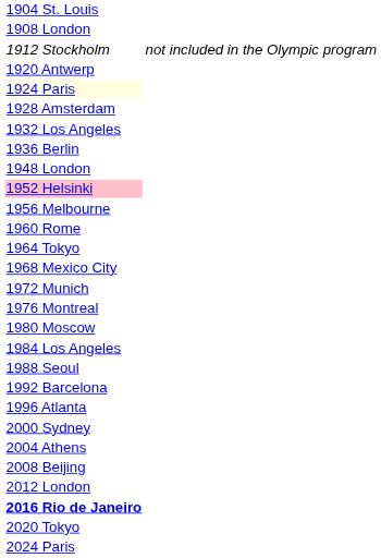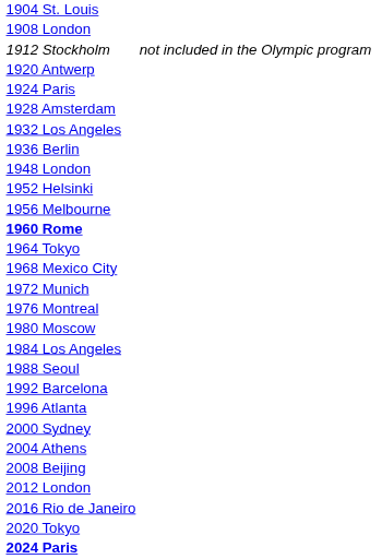 <table>
 <tr valign="top">
 <td><a href='#'>1904 St. Louis</a><br></td>
 <td></td>
 <td></td>
 <td></td>
 </tr>
 <tr valign="top">
 <td><a href='#'>1908 London</a><br></td>
 <td></td>
 <td></td>
 <td></td>
 </tr>
 <tr valign="top">
 <td><em>1912 Stockholm</em></td>
 <td colspan="3" style="text-align:center;"><em>not included in the Olympic program</em></td>
 </tr>
 <tr valign="top">
 <td><a href='#'>1920 Antwerp</a><br></td>
 <td></td>
 <td></td>
 <td></td>
 </tr>
 <tr valign="top">
-<td style="background: lightyellow;"><a href='#'>1924 Paris</a><br></td>
+<td><a href='#'>1924 Paris</a><br></td>
 <td></td>
 <td></td>
 <td></td>
 </tr>
 <tr valign="top">
 <td><a href='#'>1928 Amsterdam</a><br></td>
 <td></td>
 <td></td>
 <td></td>
 </tr>
 <tr valign="top">
 <td><a href='#'>1932 Los Angeles</a><br></td>
 <td></td>
 <td></td>
 <td></td>
 </tr>
 <tr valign="top">
 <td><a href='#'>1936 Berlin</a><br></td>
 <td></td>
 <td></td>
 <td></td>
 </tr>
 <tr valign="top">
 <td><a href='#'>1948 London</a><br></td>
 <td></td>
 <td></td>
 <td></td>
 </tr>
 <tr valign="top">
-<td style="background: pink;"><a href='#'>1952 Helsinki</a><br></td>
+<td><a href='#'>1952 Helsinki</a><br></td>
 <td></td>
 <td></td>
 <td><br></td>
 </tr>
 <tr valign="top">
 <td><a href='#'>1956 Melbourne</a><br></td>
 <td></td>
 <td></td>
 <td><br></td>
 </tr>
 <tr valign="top">
-<td><a href='#'>1960 Rome</a><br></td>
+<td><strong><a href='#'>1960 Rome</a><br></strong></td>
 <td></td>
 <td></td>
 <td><br></td>
 </tr>
 <tr valign="top">
 <td><a href='#'>1964 Tokyo</a><br></td>
 <td></td>
 <td></td>
 <td><br></td>
 </tr>
 <tr valign="top">
 <td><a href='#'>1968 Mexico City</a><br></td>
 <td></td>
 <td></td>
 <td><br></td>
 </tr>
 <tr valign="top">
 <td><a href='#'>1972 Munich</a><br></td>
 <td></td>
 <td></td>
 <td><br></td>
 </tr>
 <tr valign="top">
 <td><a href='#'>1976 Montreal</a><br></td>
 <td></td>
 <td></td>
 <td><br></td>
 </tr>
 <tr valign="top">
 <td><a href='#'>1980 Moscow</a><br></td>
 <td></td>
 <td></td>
 <td><br></td>
 </tr>
 <tr valign="top">
 <td><a href='#'>1984 Los Angeles</a><br></td>
 <td></td>
 <td></td>
 <td><br></td>
 </tr>
 <tr valign="top">
 <td><a href='#'>1988 Seoul</a><br></td>
 <td></td>
 <td></td>
 <td><br></td>
 </tr>
 <tr valign="top">
 <td><a href='#'>1992 Barcelona</a><br></td>
 <td></td>
 <td></td>
 <td><br></td>
 </tr>
 <tr valign="top">
 <td><a href='#'>1996 Atlanta</a><br></td>
 <td></td>
 <td></td>
 <td><br></td>
 </tr>
 <tr valign="top">
 <td><a href='#'>2000 Sydney</a><br></td>
 <td></td>
 <td></td>
 <td><br></td>
 </tr>
 <tr valign="top">
 <td><a href='#'>2004 Athens</a><br></td>
 <td></td>
 <td></td>
 <td><br></td>
 </tr>
 <tr valign="top">
 <td><a href='#'>2008 Beijing</a><br></td>
 <td></td>
 <td></td>
 <td><br></td>
 </tr>
 <tr valign="top">
 <td><a href='#'>2012 London</a><br></td>
 <td></td>
 <td></td>
 <td><br></td>
 </tr>
 <tr valign="top">
-<td><strong><a href='#'>2016 Rio de Janeiro</a><br></strong></td>
+<td><a href='#'>2016 Rio de Janeiro</a><br></td>
 <td></td>
 <td></td>
 <td><br></td>
 </tr>
 <tr valign="top">
 <td><a href='#'>2020 Tokyo</a><br></td>
 <td></td>
 <td></td>
 <td><br></td>
 </tr>
 <tr valign="top">
-<td><a href='#'>2024 Paris</a> <br></td>
+<td><strong><a href='#'>2024 Paris</a> <br></strong></td>
 <td></td>
 <td></td>
 <td><br></td>
 </tr>
 </table>
